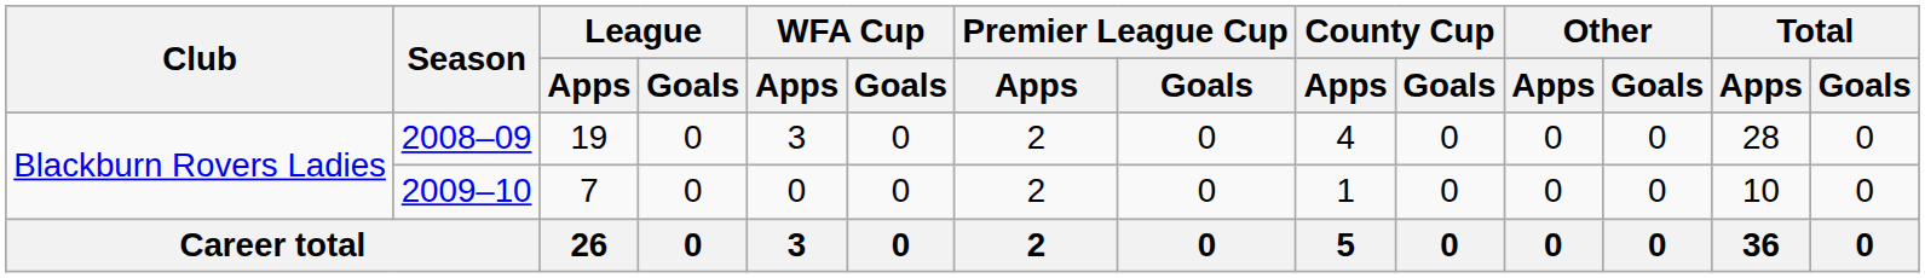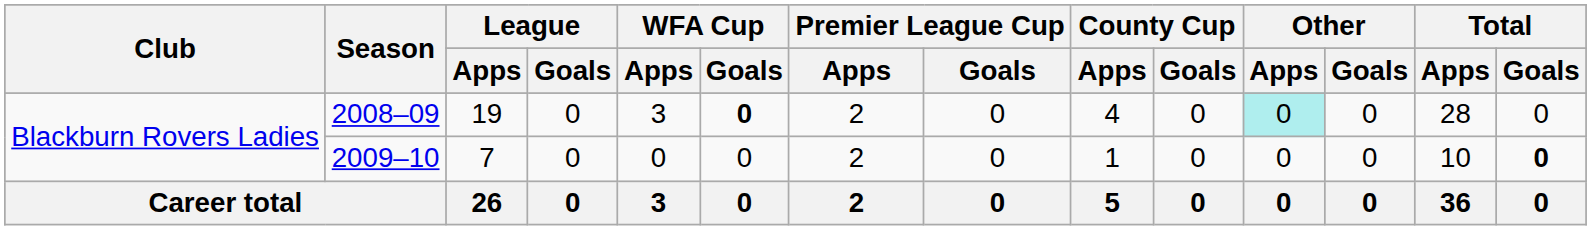 <table class="wikitable" border="1" style="text-align: center;">
 <tr>
 <th rowspan="2">Club</th>
 <th rowspan="2">Season</th>
 <th colspan="2">League</th>
 <th colspan="2">WFA Cup</th>
 <th colspan="2">Premier League Cup</th>
 <th colspan="2">County Cup</th>
 <th colspan="2">Other</th>
 <th colspan="2">Total</th>
 </tr>
 <tr>
 <th>Apps</th>
 <th>Goals</th>
 <th>Apps</th>
 <th>Goals</th>
 <th>Apps</th>
 <th>Goals</th>
 <th>Apps</th>
 <th>Goals</th>
 <th>Apps</th>
 <th>Goals</th>
 <th>Apps</th>
 <th>Goals</th>
 </tr>
 <tr>
 <td rowspan="2" valign="center"><a href='#'>Blackburn Rovers Ladies</a></td>
 <td><a href='#'>2008–09</a></td>
 <td>19</td>
 <td>0</td>
 <td>3</td>
-<td>0</td>
+<td><strong>0</strong></td>
 <td>2</td>
 <td>0</td>
 <td>4</td>
 <td>0</td>
-<td>0</td>
+<td style="background: paleturquoise;">0</td>
 <td>0</td>
 <td>28</td>
 <td>0</td>
 </tr>
 <tr>
 <td><a href='#'>2009–10</a></td>
 <td>7</td>
 <td>0</td>
 <td>0</td>
 <td>0</td>
 <td>2</td>
 <td>0</td>
 <td>1</td>
 <td>0</td>
 <td>0</td>
 <td>0</td>
 <td>10</td>
-<td>0</td>
+<td><strong>0</strong></td>
 </tr>
 <tr>
 <th colspan="2">Career total</th>
 <th>26</th>
 <th>0</th>
 <th>3</th>
 <th>0</th>
 <th>2</th>
 <th>0</th>
 <th>5</th>
 <th>0</th>
 <th>0</th>
 <th>0</th>
 <th>36</th>
 <th>0</th>
 </tr>
 </table>
